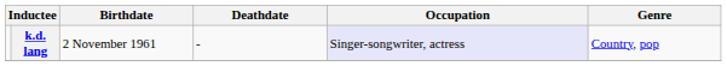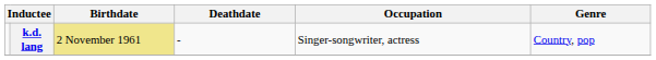 <table class="wikitable" width="100%">
 <tr>
 <th colspan=2>Inductee</th>
 <th width="20%">Birthdate</th>
 <th width="20%">Deathdate</th>
 <th width="40%">Occupation</th>
 <th width="40%">Genre</th>
 </tr>
 <tr>
 <td></td>
 <th><a href='#'>k.d. lang</a></th>
-<td>2 November 1961</td>
+<td style="background: khaki;">2 November 1961</td>
 <td>-</td>
-<td style="background: lavender;">Singer-songwriter, actress</td>
+<td>Singer-songwriter, actress</td>
 <td><a href='#'>Country</a>, <a href='#'>pop</a></td>
 </tr>
 <tr>
 </tr>
 </table>
